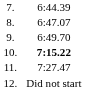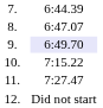 <table style="text-align:center">
 <tr>
 <td width=30>7.</td>
 <td align=left></td>
 <td width=80>6:44.39</td>
 </tr>
 <tr>
 <td>8.</td>
 <td align=left></td>
 <td>6:47.07</td>
 </tr>
 <tr>
 <td>9.</td>
 <td align=left></td>
-<td>6:49.70</td>
+<td style="background: lavender;">6:49.70</td>
 </tr>
 <tr>
 <td>10.</td>
 <td align=left></td>
-<td><strong>7:15.22</strong></td>
+<td>7:15.22</td>
 </tr>
 <tr>
 <td>11.</td>
 <td align=left></td>
 <td>7:27.47</td>
 </tr>
 <tr>
 <td>12.</td>
 <td align=left></td>
 <td>Did not start</td>
 </tr>
 </table>
